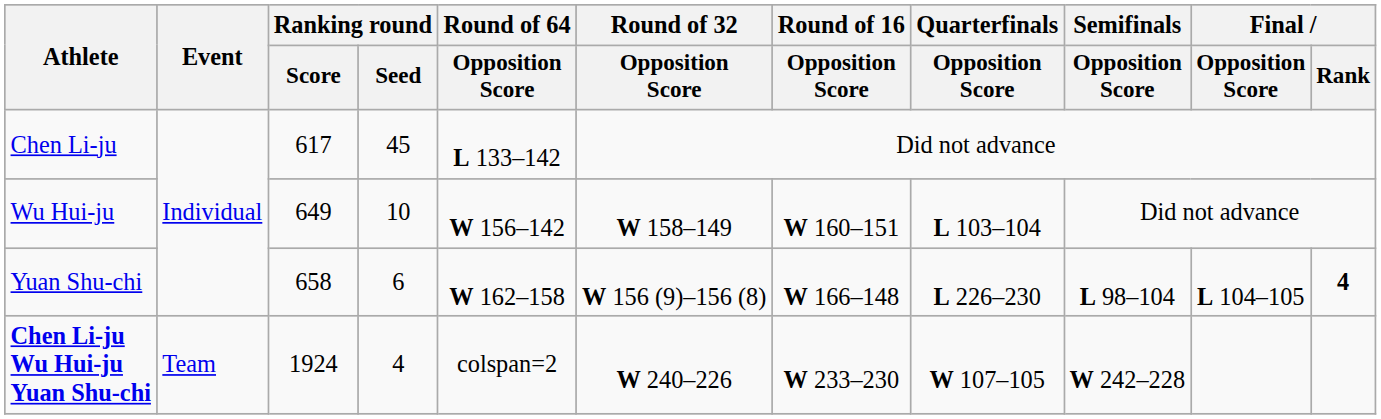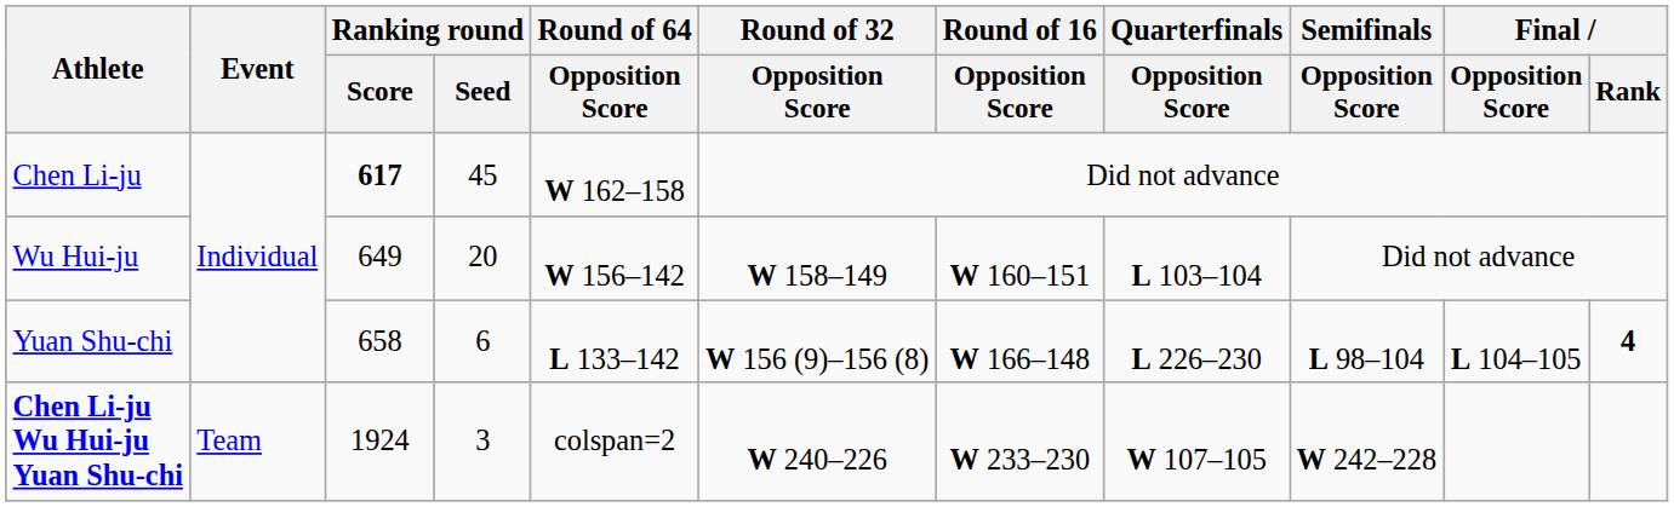 <table class="wikitable" style="font-size:90%">
 <tr>
 <th rowspan="2">Athlete</th>
 <th rowspan="2">Event</th>
 <th colspan="2">Ranking round</th>
 <th>Round of 64</th>
 <th>Round of 32</th>
 <th>Round of 16</th>
 <th>Quarterfinals</th>
 <th>Semifinals</th>
 <th colspan="2">Final / </th>
 </tr>
 <tr style="font-size:95%">
 <th>Score</th>
 <th>Seed</th>
 <th>Opposition<br>Score</th>
 <th>Opposition<br>Score</th>
 <th>Opposition<br>Score</th>
 <th>Opposition<br>Score</th>
 <th>Opposition<br>Score</th>
 <th>Opposition<br>Score</th>
 <th>Rank</th>
 </tr>
 <tr align=center>
 <td align=left><a href='#'>Chen Li-ju</a></td>
 <td align=left rowspan=3><a href='#'>Individual</a></td>
-<td>617</td>
+<td><strong>617</strong></td>
 <td>45</td>
-<td><br><strong>L</strong> 133–142</td>
+<td><br><strong>W</strong> 162–158</td>
 <td colspan=6>Did not advance</td>
 </tr>
 <tr align=center>
 <td align=left><a href='#'>Wu Hui-ju</a></td>
 <td>649</td>
-<td>10</td>
+<td>20</td>
 <td><br><strong>W</strong> 156–142</td>
 <td><br><strong>W</strong> 158–149</td>
 <td><br><strong>W</strong> 160–151</td>
 <td><br><strong>L</strong> 103–104</td>
 <td colspan=3>Did not advance</td>
 </tr>
 <tr align=center>
 <td align=left><a href='#'>Yuan Shu-chi</a></td>
 <td>658</td>
 <td>6</td>
-<td><br><strong>W</strong> 162–158</td>
+<td><br><strong>L</strong> 133–142</td>
 <td><br><strong>W</strong> 156 (9)–156 (8)</td>
 <td><br><strong>W</strong> 166–148</td>
 <td><br><strong>L</strong> 226–230</td>
 <td><br><strong>L</strong> 98–104</td>
 <td><br><strong>L</strong> 104–105</td>
 <td><strong>4</strong></td>
 </tr>
 <tr align=center>
 <td align=left><strong><a href='#'>Chen Li-ju</a><br><a href='#'>Wu Hui-ju</a><br><a href='#'>Yuan Shu-chi</a></strong></td>
 <td align=left><a href='#'>Team</a></td>
 <td>1924</td>
-<td>4</td>
+<td>3</td>
 <td>colspan=2 </td>
 <td><br><strong>W</strong> 240–226</td>
 <td><br><strong>W</strong> 233–230</td>
 <td><br><strong>W</strong> 107–105</td>
 <td><br><strong>W</strong> 242–228</td>
 <td></td>
 </tr>
 </table>
